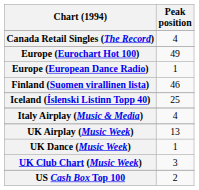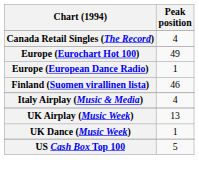 <table class="wikitable sortable plainrowheaders" style="text-align:center">
 <tr>
 <th>Chart (1994)</th>
 <th>Peak<br>position</th>
 </tr>
 <tr>
 </tr>
 <tr>
 </tr>
 <tr>
 </tr>
 <tr>
 <th scope="row">Canada Retail Singles (<em><a href='#'>The Record</a></em>)</th>
 <td>4</td>
 </tr>
 <tr>
 </tr>
 <tr>
 </tr>
 <tr>
 <th scope="row">Europe (<a href='#'>Eurochart Hot 100</a>)</th>
 <td>49</td>
 </tr>
 <tr>
 <th scope="row">Europe (<a href='#'>European Dance Radio</a>)</th>
 <td>1</td>
 </tr>
 <tr>
 <th scope="row">Finland (<a href='#'>Suomen virallinen lista</a>)</th>
 <td>46</td>
 </tr>
 <tr>
 </tr>
 <tr>
-<th scope="row">Iceland (<a href='#'>Íslenski Listinn Topp 40</a>)</th>
-<td>25</td>
-</tr>
-<tr>
 </tr>
 <tr>
 <th scope="row">Italy Airplay (<em><a href='#'>Music & Media</a></em>)</th>
 <td>4</td>
 </tr>
 <tr>
 </tr>
 <tr>
 </tr>
 <tr>
 </tr>
 <tr>
 </tr>
 <tr>
 </tr>
 <tr>
 </tr>
 <tr>
 <th scope="row">UK Airplay (<em><a href='#'>Music Week</a></em>)</th>
 <td>13</td>
 </tr>
 <tr>
 <th scope="row">UK Dance (<em><a href='#'>Music Week</a></em>)</th>
 <td>1</td>
 </tr>
 <tr>
-<th scope="row"><a href='#'>UK Club Chart</a> (<em><a href='#'>Music Week</a></em>)</th>
-<td>3</td>
-</tr>
-<tr>
 </tr>
 <tr>
 </tr>
 <tr>
 </tr>
 <tr>
 </tr>
 <tr>
 </tr>
 <tr>
 </tr>
 <tr>
 <th scope="row">US <a href='#'><em>Cash Box</em> Top 100</a></th>
-<td>2</td>
+<td>5</td>
 </tr>
 </table>
